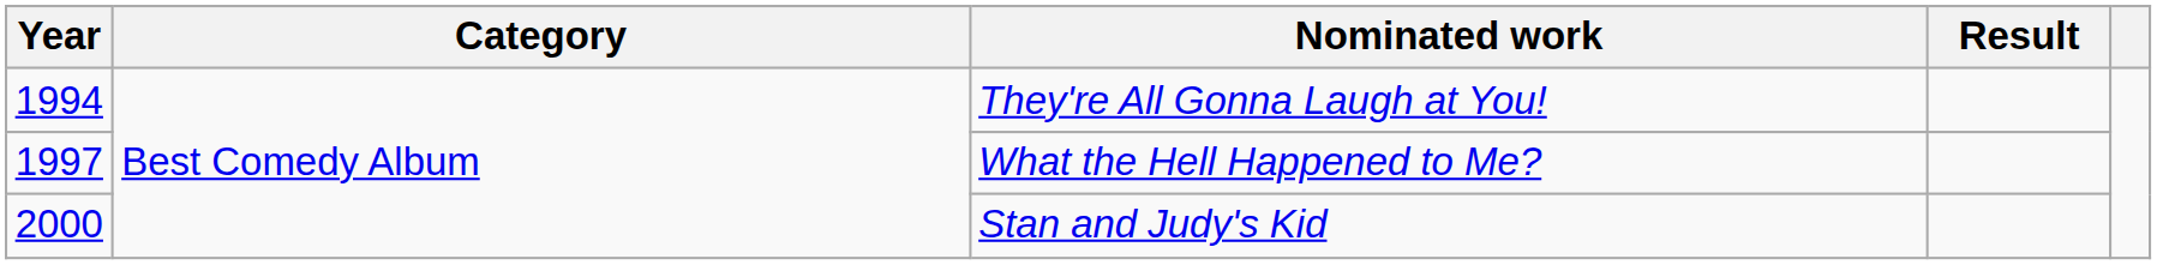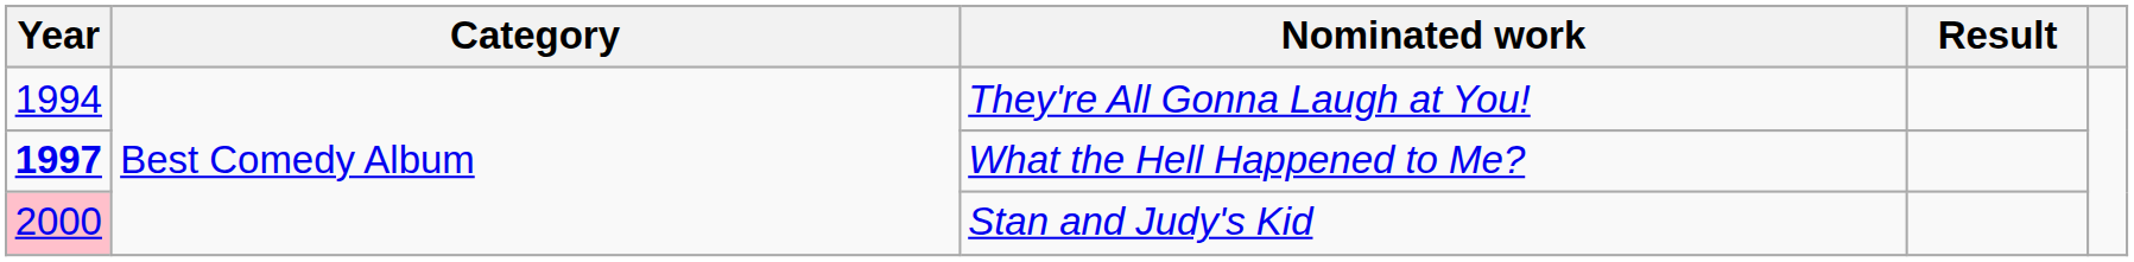 <table class="wikitable sortable">
 <tr>
 <th scope="col" style="width:1em;">Year</th>
 <th scope="col" style="width:35em;">Category</th>
 <th scope="col" style="width:39em;">Nominated work</th>
 <th scope="col" style="width:5em;">Result</th>
 <th scope="col" style="width:1em;"class="unsortable"></th>
 </tr>
 <tr>
 <td><a href='#'>1994</a></td>
 <td rowspan=3><a href='#'>Best Comedy Album</a></td>
 <td><em><a href='#'>They're All Gonna Laugh at You!</a></em></td>
 <td></td>
 <td rowspan=3></td>
 </tr>
 <tr>
-<td><a href='#'>1997</a></td>
+<td><strong><a href='#'>1997</a></strong></td>
 <td><em><a href='#'>What the Hell Happened to Me?</a></em></td>
 <td></td>
 </tr>
 <tr>
-<td><a href='#'>2000</a></td>
+<td style="background: pink;"><a href='#'>2000</a></td>
 <td><em><a href='#'>Stan and Judy's Kid</a></em></td>
 <td></td>
 </tr>
 </table>
